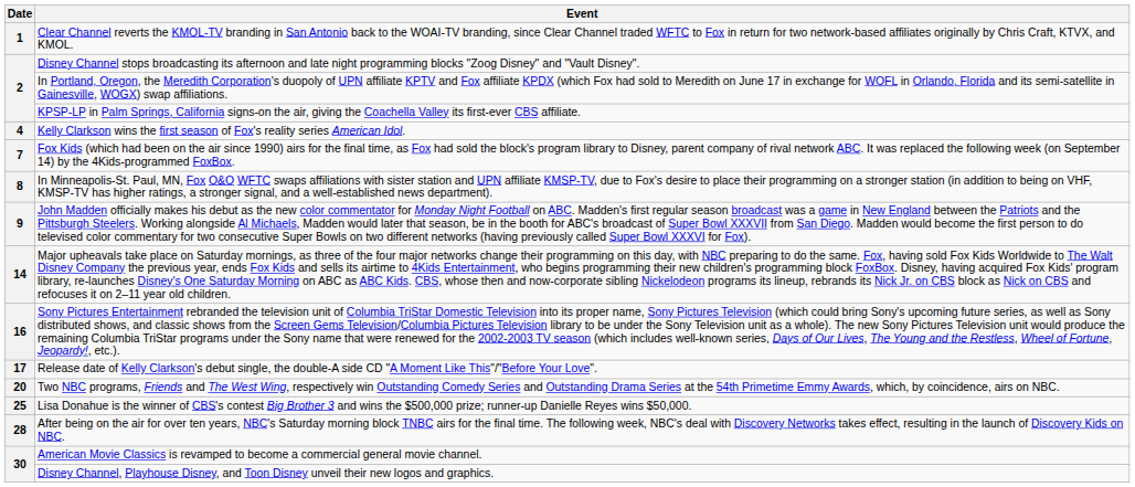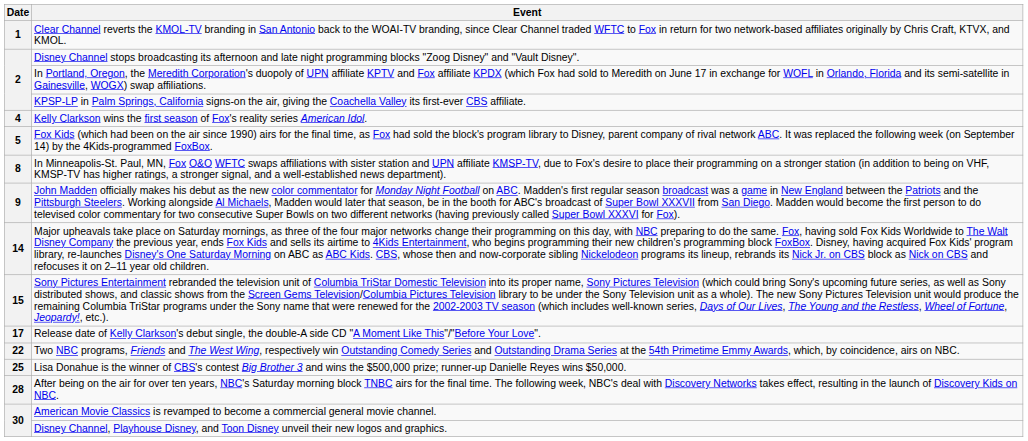 <table class="wikitable">
 <tr>
 <th>Date</th>
 <th>Event</th>
 </tr>
 <tr>
 <th>1</th>
 <td><a href='#'>Clear Channel</a> reverts the <a href='#'>KMOL-TV</a> branding in <a href='#'>San Antonio</a> back to the WOAI-TV branding, since Clear Channel traded <a href='#'>WFTC</a> to <a href='#'>Fox</a> in return for two network-based affiliates originally by Chris Craft, KTVX, and KMOL.</td>
 </tr>
 <tr>
 <th rowspan="3">2</th>
 <td><a href='#'>Disney Channel</a> stops broadcasting its afternoon and late night programming blocks "Zoog Disney" and "Vault Disney".</td>
 </tr>
 <tr>
 <td>In <a href='#'>Portland, Oregon</a>, the <a href='#'>Meredith Corporation</a>'s duopoly of <a href='#'>UPN</a> affiliate <a href='#'>KPTV</a> and <a href='#'>Fox</a> affiliate <a href='#'>KPDX</a> (which Fox had sold to Meredith on June 17 in exchange for <a href='#'>WOFL</a> in <a href='#'>Orlando, Florida</a> and its semi-satellite in <a href='#'>Gainesville</a>, <a href='#'>WOGX</a>) swap affiliations.</td>
 </tr>
 <tr>
 <td><a href='#'>KPSP-LP</a> in <a href='#'>Palm Springs, California</a> signs-on the air, giving the <a href='#'>Coachella Valley</a> its first-ever <a href='#'>CBS</a> affiliate.</td>
 </tr>
 <tr>
 <th>4</th>
 <td><a href='#'>Kelly Clarkson</a> wins the <a href='#'>first season</a> of <a href='#'>Fox</a>'s reality series <em><a href='#'>American Idol</a></em>.</td>
 </tr>
 <tr>
-<th>7</th>
+<th>5</th>
 <td><a href='#'>Fox Kids</a> (which had been on the air since 1990) airs for the final time, as <a href='#'>Fox</a> had sold the block's program library to Disney, parent company of rival network <a href='#'>ABC</a>. It was replaced the following week (on September 14) by the 4Kids-programmed <a href='#'>FoxBox</a>.</td>
 </tr>
 <tr>
 <th>8</th>
 <td>In Minneapolis-St. Paul, MN, <a href='#'>Fox</a> <a href='#'>O&O</a> <a href='#'>WFTC</a> swaps affiliations with sister station and <a href='#'>UPN</a> affiliate <a href='#'>KMSP-TV</a>, due to Fox's desire to place their programming on a stronger station (in addition to being on VHF, KMSP-TV has higher ratings, a stronger signal, and a well-established news department).</td>
 </tr>
 <tr>
 <th>9</th>
 <td><a href='#'>John Madden</a> officially makes his debut as the new <a href='#'>color commentator</a> for <em><a href='#'>Monday Night Football</a></em> on <a href='#'>ABC</a>. Madden's first regular season <a href='#'>broadcast</a> was a <a href='#'>game</a> in <a href='#'>New England</a> between the <a href='#'>Patriots</a> and the <a href='#'>Pittsburgh Steelers</a>. Working alongside <a href='#'>Al Michaels</a>, Madden would later that season, be in the booth for ABC's broadcast of <a href='#'>Super Bowl XXXVII</a> from <a href='#'>San Diego</a>. Madden would become the first person to do televised color commentary for two consecutive Super Bowls on two different networks (having previously called <a href='#'>Super Bowl XXXVI</a> for <a href='#'>Fox</a>).</td>
 </tr>
 <tr>
 <th>14</th>
 <td>Major upheavals take place on Saturday mornings, as three of the four major networks change their programming on this day, with <a href='#'>NBC</a> preparing to do the same. <a href='#'>Fox</a>, having sold Fox Kids Worldwide to <a href='#'>The Walt Disney Company</a> the previous year, ends <a href='#'>Fox Kids</a> and sells its airtime to <a href='#'>4Kids Entertainment</a>, who begins programming their new children's programming block <a href='#'>FoxBox</a>. Disney, having acquired Fox Kids' program library, re-launches <a href='#'>Disney's One Saturday Morning</a> on ABC as <a href='#'>ABC Kids</a>. <a href='#'>CBS</a>, whose then and now-corporate sibling <a href='#'>Nickelodeon</a> programs its lineup, rebrands its <a href='#'>Nick Jr. on CBS</a> block as <a href='#'>Nick on CBS</a> and refocuses it on 2–11 year old children.</td>
 </tr>
 <tr>
-<th>16</th>
+<th>15</th>
 <td><a href='#'>Sony Pictures Entertainment</a> rebranded the television unit of <a href='#'>Columbia TriStar Domestic Television</a> into its proper name, <a href='#'>Sony Pictures Television</a> (which could bring Sony's upcoming future series, as well as Sony distributed shows, and classic shows from the <a href='#'>Screen Gems Television</a>/<a href='#'>Columbia Pictures Television</a> library to be under the Sony Television unit as a whole). The new Sony Pictures Television unit would produce the remaining Columbia TriStar programs under the Sony name that were renewed for the <a href='#'>2002-2003 TV season</a> (which includes well-known series, <em><a href='#'>Days of Our Lives</a></em>, <em><a href='#'>The Young and the Restless</a></em>, <em><a href='#'>Wheel of Fortune</a></em>, <em><a href='#'>Jeopardy!</a></em>, etc.).</td>
 </tr>
 <tr>
 <th>17</th>
 <td>Release date of <a href='#'>Kelly Clarkson</a>'s debut single, the double-A side CD "<a href='#'>A Moment Like This</a>"/"<a href='#'>Before Your Love</a>".</td>
 </tr>
 <tr>
-<th>20</th>
+<th>22</th>
 <td>Two <a href='#'>NBC</a> programs, <em><a href='#'>Friends</a></em> and <em><a href='#'>The West Wing</a></em>, respectively win <a href='#'>Outstanding Comedy Series</a> and <a href='#'>Outstanding Drama Series</a> at the <a href='#'>54th Primetime Emmy Awards</a>, which, by coincidence, airs on NBC.</td>
 </tr>
 <tr>
 <th>25</th>
 <td>Lisa Donahue is the winner of <a href='#'>CBS</a>'s contest <em><a href='#'>Big Brother 3</a></em> and wins the $500,000 prize; runner-up Danielle Reyes wins $50,000.</td>
 </tr>
 <tr>
 <th>28</th>
 <td>After being on the air for over ten years, <a href='#'>NBC</a>'s Saturday morning block <a href='#'>TNBC</a> airs for the final time. The following week, NBC's deal with <a href='#'>Discovery Networks</a> takes effect, resulting in the launch of <a href='#'>Discovery Kids on NBC</a>.</td>
 </tr>
 <tr>
 <th rowspan="2">30</th>
 <td><a href='#'>American Movie Classics</a> is revamped to become a commercial general movie channel.</td>
 </tr>
 <tr>
 <td><a href='#'>Disney Channel</a>, <a href='#'>Playhouse Disney</a>, and <a href='#'>Toon Disney</a> unveil their new logos and graphics.</td>
 </tr>
 </table>
